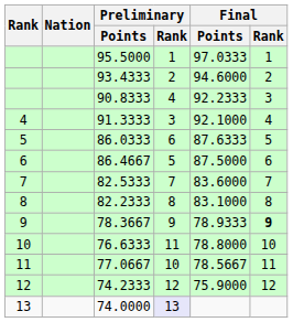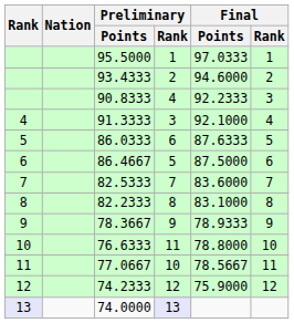 <table class="wikitable sortable" style="text-align:center">
 <tr>
 <th rowspan=2>Rank</th>
 <th rowspan=2>Nation</th>
 <th colspan=2>Preliminary</th>
 <th colspan=2>Final</th>
 </tr>
 <tr>
 <th>Points</th>
 <th>Rank</th>
 <th>Points</th>
 <th>Rank</th>
 </tr>
 <tr bgcolor=ccffcc>
 <td></td>
 <td align=left></td>
 <td>95.5000</td>
 <td>1</td>
 <td>97.0333</td>
 <td>1</td>
 </tr>
 <tr bgcolor=ccffcc>
 <td></td>
 <td align=left></td>
 <td>93.4333</td>
 <td>2</td>
 <td>94.6000</td>
 <td>2</td>
 </tr>
 <tr bgcolor=ccffcc>
 <td></td>
 <td align=left></td>
 <td>90.8333</td>
 <td>4</td>
 <td>92.2333</td>
 <td>3</td>
 </tr>
 <tr bgcolor=ccffcc>
 <td>4</td>
 <td align=left></td>
 <td>91.3333</td>
 <td>3</td>
 <td>92.1000</td>
 <td>4</td>
 </tr>
 <tr bgcolor=ccffcc>
 <td>5</td>
 <td align=left></td>
 <td>86.0333</td>
 <td>6</td>
 <td>87.6333</td>
 <td>5</td>
 </tr>
 <tr bgcolor=ccffcc>
 <td>6</td>
 <td align=left></td>
 <td>86.4667</td>
 <td>5</td>
 <td>87.5000</td>
 <td>6</td>
 </tr>
 <tr bgcolor=ccffcc>
 <td>7</td>
 <td align=left></td>
 <td>82.5333</td>
 <td>7</td>
 <td>83.6000</td>
 <td>7</td>
 </tr>
 <tr bgcolor=ccffcc>
 <td>8</td>
 <td align=left></td>
 <td>82.2333</td>
 <td>8</td>
 <td>83.1000</td>
 <td>8</td>
 </tr>
 <tr bgcolor=ccffcc>
 <td>9</td>
 <td align=left></td>
 <td>78.3667</td>
 <td>9</td>
 <td>78.9333</td>
-<td><strong>9</strong></td>
+<td>9</td>
 </tr>
 <tr bgcolor=ccffcc>
 <td>10</td>
 <td align=left></td>
 <td>76.6333</td>
 <td>11</td>
 <td>78.8000</td>
 <td>10</td>
 </tr>
 <tr bgcolor=ccffcc>
 <td>11</td>
 <td align=left></td>
 <td>77.0667</td>
 <td>10</td>
 <td>78.5667</td>
 <td>11</td>
 </tr>
 <tr bgcolor=ccffcc>
 <td>12</td>
 <td align=left></td>
 <td>74.2333</td>
 <td>12</td>
 <td>75.9000</td>
 <td>12</td>
 </tr>
 <tr>
-<td>13</td>
+<td style="background: lavender;">13</td>
 <td align=left></td>
 <td>74.0000</td>
 <td style="background: lavender;">13</td>
 <td></td>
 <td></td>
 </tr>
 </table>
